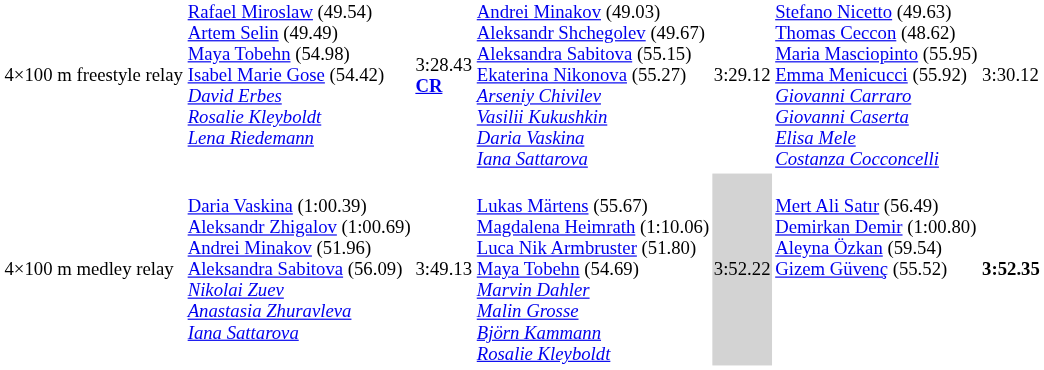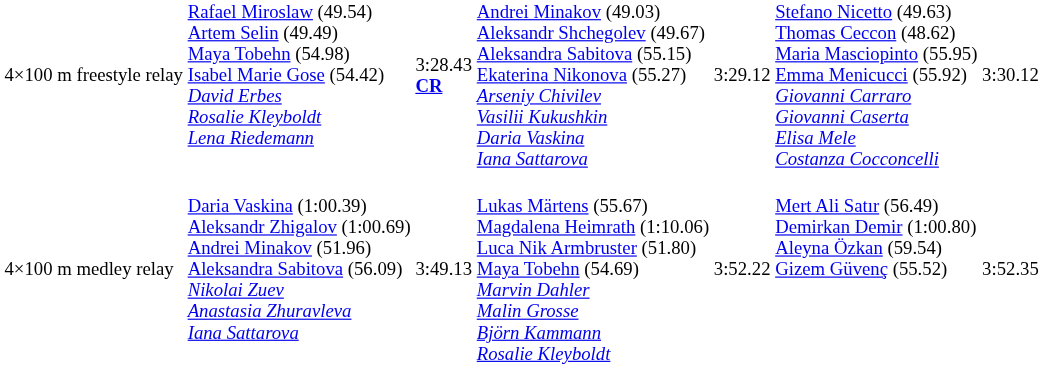 <table>
 <tr>
 <td>4×100 m freestyle relay</td>
 <td valign=top><br><a href='#'>Rafael Miroslaw</a> (49.54)<br><a href='#'>Artem Selin</a> (49.49)<br><a href='#'>Maya Tobehn</a> (54.98)<br><a href='#'>Isabel Marie Gose</a> (54.42)<br><em><a href='#'>David Erbes</a><br><a href='#'>Rosalie Kleyboldt</a><br><a href='#'>Lena Riedemann</a></em></td>
 <td>3:28.43<br><strong><a href='#'>CR</a></strong></td>
 <td><br><a href='#'>Andrei Minakov</a> (49.03)<br><a href='#'>Aleksandr Shchegolev</a> (49.67)<br><a href='#'>Aleksandra Sabitova</a> (55.15)<br><a href='#'>Ekaterina Nikonova</a> (55.27)<br><em><a href='#'>Arseniy Chivilev</a><br><a href='#'>Vasilii Kukushkin</a><br><a href='#'>Daria Vaskina</a><br><a href='#'>Iana Sattarova</a></em></td>
 <td>3:29.12</td>
 <td><br><a href='#'>Stefano Nicetto</a> (49.63)<br><a href='#'>Thomas Ceccon</a> (48.62)<br><a href='#'>Maria Masciopinto</a> (55.95)<br><a href='#'>Emma Menicucci</a> (55.92)<br><em><a href='#'>Giovanni Carraro</a><br><a href='#'>Giovanni Caserta</a><br><a href='#'>Elisa Mele</a><br><a href='#'>Costanza Cocconcelli</a></em></td>
 <td>3:30.12</td>
 </tr>
 <tr>
 <td>4×100 m medley relay</td>
 <td valign=top><br><a href='#'>Daria Vaskina</a> (1:00.39)<br><a href='#'>Aleksandr Zhigalov</a> (1:00.69)<br><a href='#'>Andrei Minakov</a> (51.96)<br><a href='#'>Aleksandra Sabitova</a> (56.09)<br><em><a href='#'>Nikolai Zuev</a><br><a href='#'>Anastasia Zhuravleva</a><br><a href='#'>Iana Sattarova</a></em></td>
 <td>3:49.13</td>
 <td><br><a href='#'>Lukas Märtens</a> (55.67)<br><a href='#'>Magdalena Heimrath</a> (1:10.06)<br><a href='#'>Luca Nik Armbruster</a> (51.80)<br><a href='#'>Maya Tobehn</a> (54.69)<br><em><a href='#'>Marvin Dahler</a><br><a href='#'>Malin Grosse</a><br><a href='#'>Björn Kammann</a><br><a href='#'>Rosalie Kleyboldt</a></em></td>
-<td style="background: lightgrey;">3:52.22</td>
+<td>3:52.22</td>
 <td valign=top><br><a href='#'>Mert Ali Satır</a> (56.49)<br><a href='#'>Demirkan Demir</a> (1:00.80)<br><a href='#'>Aleyna Özkan</a> (59.54)<br><a href='#'>Gizem Güvenç</a> (55.52)</td>
-<td><strong>3:52.35</strong></td>
+<td>3:52.35</td>
 </tr>
 </table>
